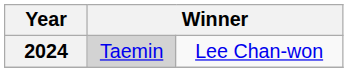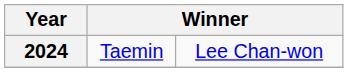 <table class="wikitable plainrowheaders" style="text-align:center">
 <tr>
 <th scope="col" width="60">Year</th>
 <th scope="col" width="200" colspan="2">Winner</th>
 </tr>
 <tr>
 <th scope="row">2024</th>
-<td style="background: lightgrey;"><a href='#'>Taemin</a></td>
+<td><a href='#'>Taemin</a></td>
 <td><a href='#'>Lee Chan-won</a></td>
 </tr>
 <tr>
 </tr>
 </table>
